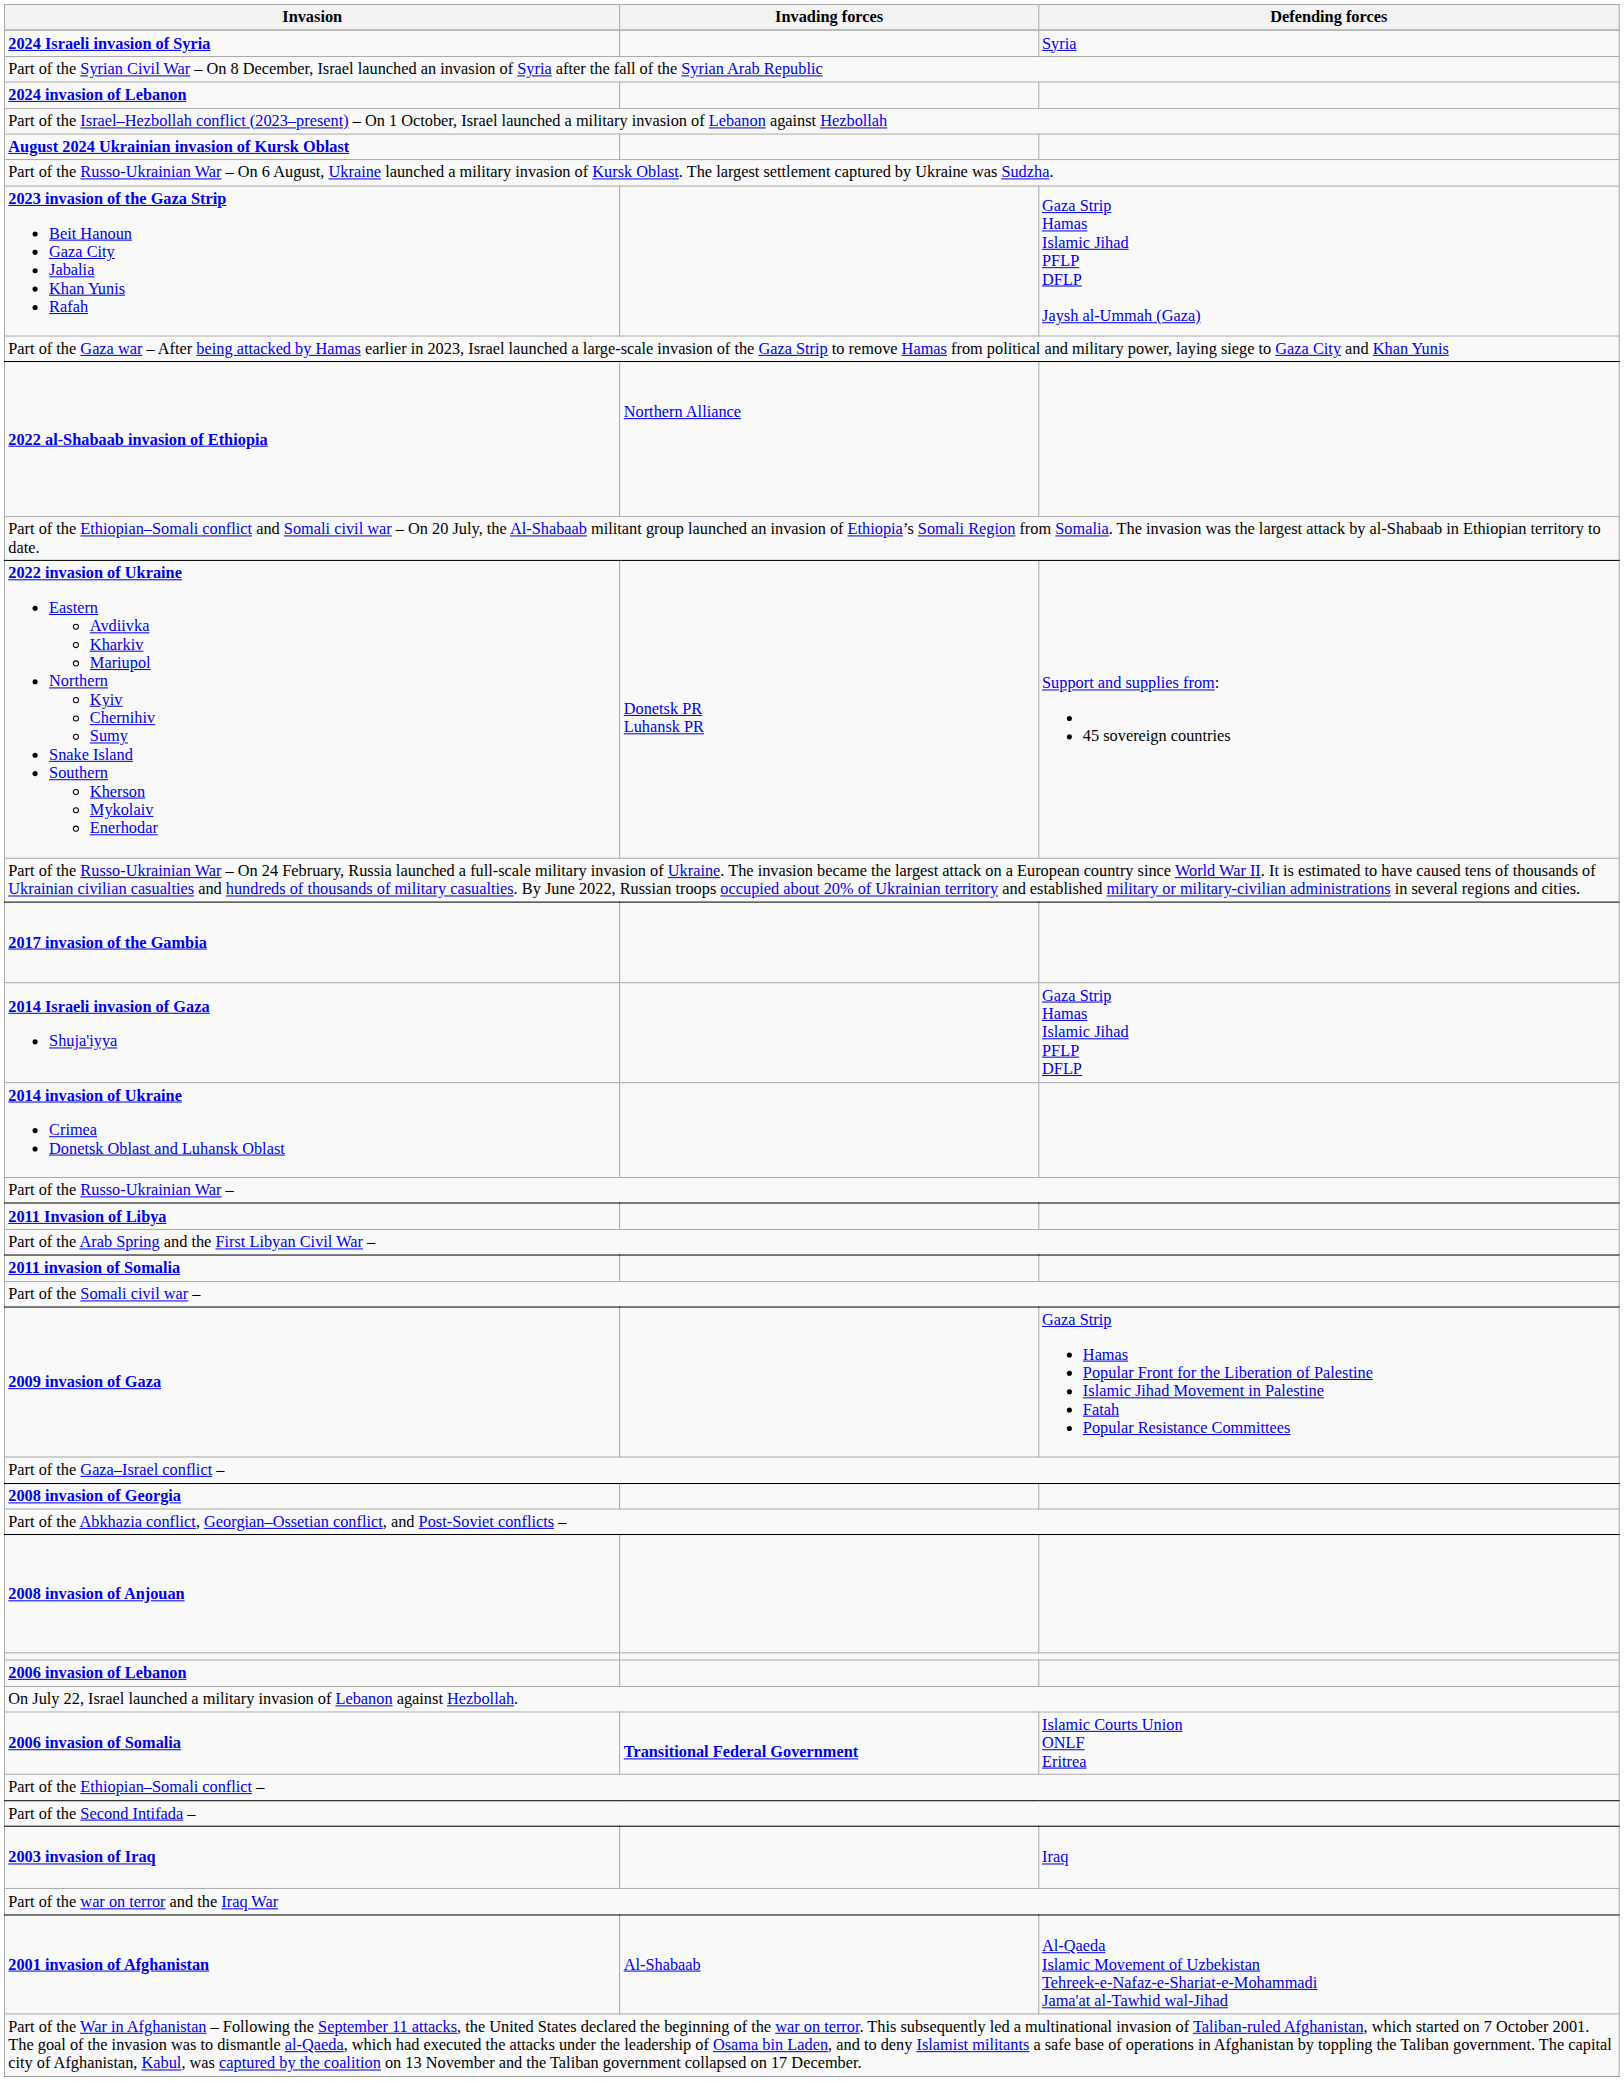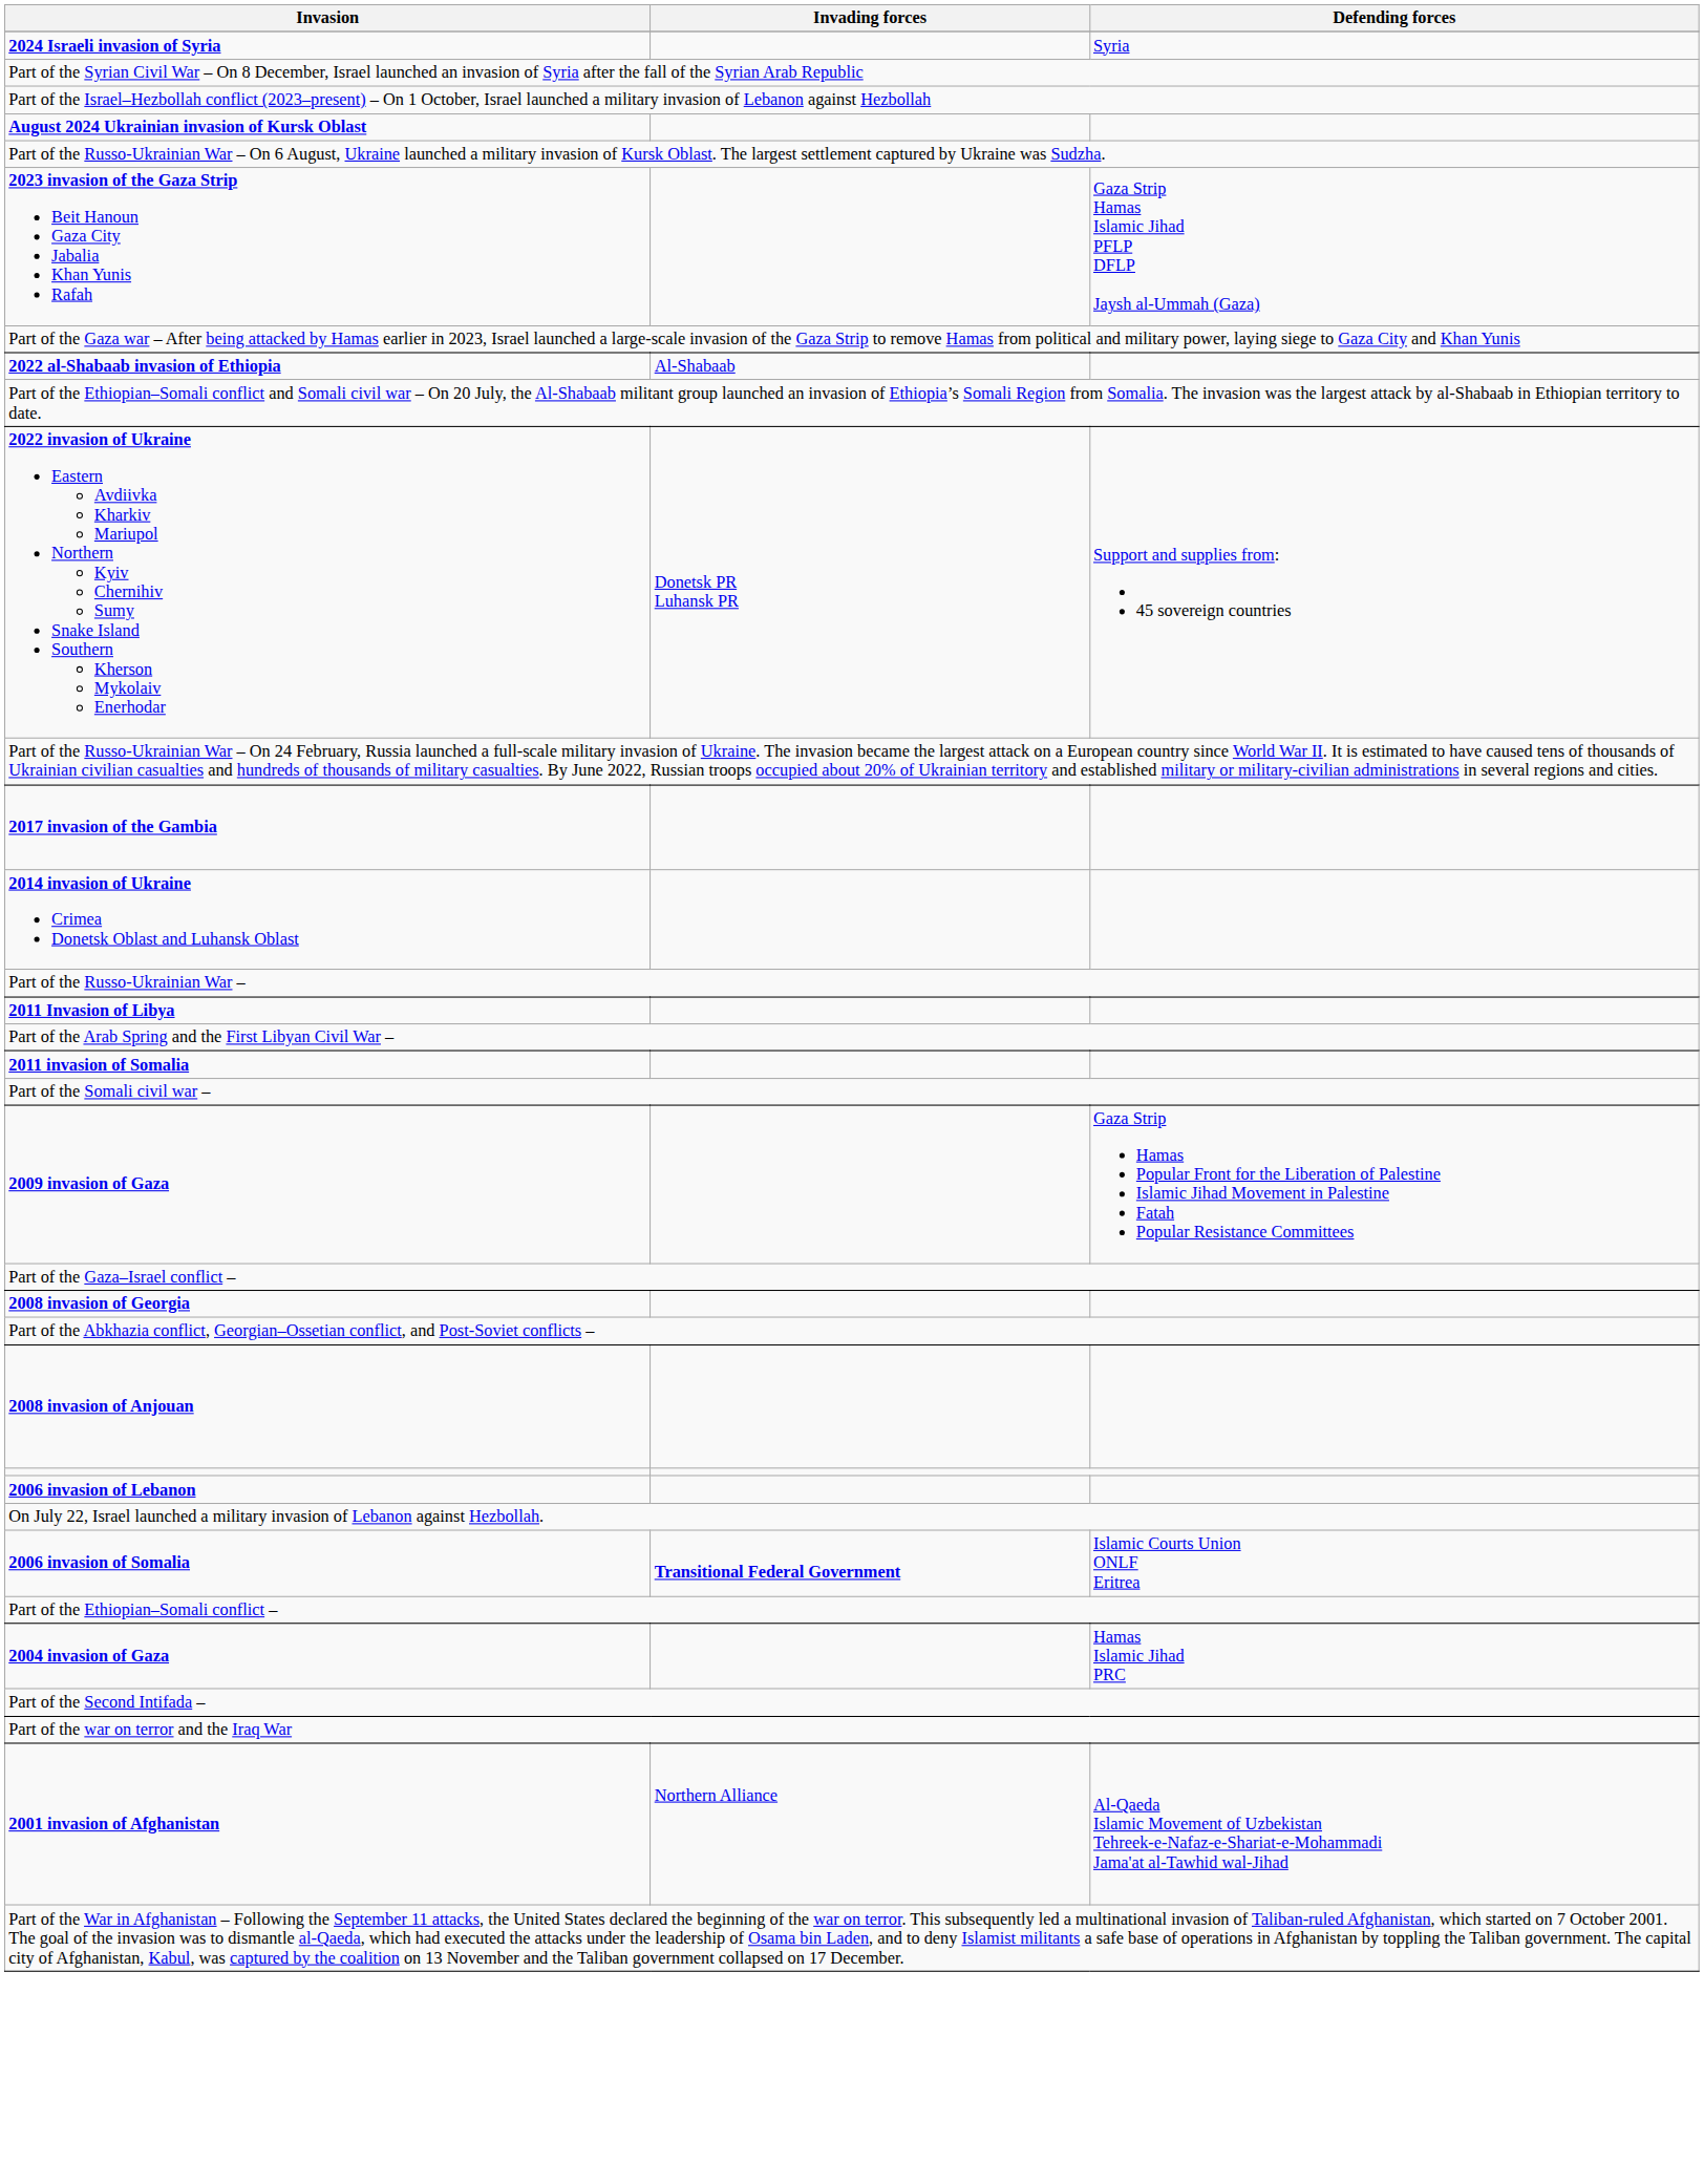 <table class="wikitable" width=100%>
 <tr>
 <th>Invasion</th>
 <th>Invading forces</th>
 <th>Defending forces</th>
 </tr>
 <tr>
 </tr>
 <tr>
 <td><strong><a href='#'>2024 Israeli invasion of Syria</a></strong></td>
 <td></td>
 <td> <a href='#'>Syria</a></td>
 </tr>
 <tr>
 <td colspan="3">Part of the <a href='#'>Syrian Civil War</a> – On 8 December, Israel launched an invasion of <a href='#'>Syria</a> after the fall of the <a href='#'>Syrian Arab Republic</a></td>
-</tr>
-<tr>
-<td><strong><a href='#'>2024 invasion of Lebanon</a></strong></td>
-<td></td>
-<td></td>
 </tr>
 <tr>
 <td colspan="3">Part of the <a href='#'>Israel–Hezbollah conflict (2023–present)</a> – On 1 October, Israel launched a military invasion of <a href='#'>Lebanon</a> against <a href='#'>Hezbollah</a></td>
 </tr>
 <tr>
 <td><strong><a href='#'>August 2024 Ukrainian invasion of Kursk Oblast</a></strong></td>
 <td></td>
 <td></td>
 </tr>
 <tr>
 <td colspan="3">Part of the <a href='#'>Russo-Ukrainian War</a> – On 6 August, <a href='#'>Ukraine</a> launched a military invasion of <a href='#'>Kursk Oblast</a>. The largest settlement captured by Ukraine was <a href='#'>Sudzha</a>.</td>
 </tr>
 <tr id="2023">
 <td><strong><a href='#'>2023 invasion of the Gaza Strip</a></strong><br><ul><li><a href='#'>Beit Hanoun</a></li><li><a href='#'>Gaza City</a></li><li><a href='#'>Jabalia</a></li><li><a href='#'>Khan Yunis</a></li><li><a href='#'>Rafah</a></li></ul></td>
 <td></td>
 <td> <a href='#'>Gaza Strip</a><br> <a href='#'>Hamas</a><br><a href='#'>Islamic Jihad</a><br><a href='#'>PFLP</a><br> <a href='#'>DFLP</a><br><br><a href='#'>Jaysh al-Ummah (Gaza)</a></td>
 </tr>
 <tr class="expand-child">
 <td colspan="3" style=" border-bottom: 1px solid black;">Part of the <a href='#'>Gaza war</a> – After <a href='#'>being attacked by Hamas</a> earlier in 2023, Israel launched a large-scale invasion of the <a href='#'>Gaza Strip</a> to remove <a href='#'>Hamas</a> from political and military power, laying siege to <a href='#'>Gaza City</a> and <a href='#'>Khan Yunis</a></td>
 </tr>
 <tr>
 <td><strong><a href='#'>2022 al-Shabaab invasion of Ethiopia</a></strong></td>
-<td><br><br> <a href='#'>Northern Alliance</a><br><br><br><br><br><br></td>
+<td> <a href='#'>Al-Shabaab</a></td>
 <td></td>
 </tr>
 <tr class="expand-child">
 <td colspan="3" style=" border-bottom: 1px solid black;">Part of the <a href='#'>Ethiopian–Somali conflict</a> and <a href='#'>Somali civil war</a> – On 20 July, the <a href='#'>Al-Shabaab</a> militant group launched an invasion of <a href='#'>Ethiopia</a>’s <a href='#'>Somali Region</a> from <a href='#'>Somalia</a>. The invasion was the largest attack by al-Shabaab in Ethiopian territory to date.</td>
 </tr>
 <tr>
 <td><strong><a href='#'>2022 invasion of Ukraine</a></strong><br><ul><li><a href='#'>Eastern</a><ul><li><a href='#'>Avdiivka</a></li><li><a href='#'>Kharkiv</a></li><li><a href='#'>Mariupol</a></li></ul></li><li><a href='#'>Northern</a><ul><li><a href='#'>Kyiv</a></li><li><a href='#'>Chernihiv</a></li><li><a href='#'>Sumy</a></li></ul></li><li><a href='#'>Snake Island</a></li><li><a href='#'>Southern</a><ul><li><a href='#'>Kherson</a></li><li><a href='#'>Mykolaiv</a></li><li><a href='#'>Enerhodar</a></li></ul></li></ul></td>
 <td><br> <a href='#'>Donetsk PR</a><br> <a href='#'>Luhansk PR</a></td>
 <td><br><a href='#'>Support and supplies from</a>:<br><ul><li></li><li>45 sovereign countries</li></ul></td>
 </tr>
 <tr class="expand-child">
 <td colspan="3" style=" border-bottom: 1px solid black;">Part of the <a href='#'>Russo-Ukrainian War</a> – On 24 February, Russia launched a full-scale military invasion of <a href='#'>Ukraine</a>. The invasion became the largest attack on a European country since <a href='#'>World War II</a>. It is estimated to have caused tens of thousands of <a href='#'>Ukrainian civilian casualties</a> and <a href='#'>hundreds of thousands of military casualties</a>. By June 2022, Russian troops <a href='#'>occupied about 20% of Ukrainian territory</a> and established <a href='#'>military or military-civilian administrations</a> in several regions and cities.</td>
 </tr>
 <tr id="2017">
 <td><strong><a href='#'>2017 invasion of the Gambia</a></strong></td>
 <td><br><br><br><br></td>
 <td></td>
-</tr>
-<tr>
-<td><strong><a href='#'>2014 Israeli invasion of Gaza</a></strong><br><ul><li><a href='#'>Shuja'iyya</a></li></ul></td>
-<td></td>
-<td> <a href='#'>Gaza Strip</a><br> <a href='#'>Hamas</a><br><a href='#'>Islamic Jihad</a><br><a href='#'>PFLP</a><br> <a href='#'>DFLP</a></td>
 </tr>
 <tr id="2014">
 <td><strong><a href='#'>2014 invasion of Ukraine</a></strong><br><ul><li><a href='#'>Crimea</a></li><li><a href='#'>Donetsk Oblast and Luhansk Oblast</a></li></ul></td>
 <td></td>
 <td></td>
 </tr>
 <tr class="expand-child">
 <td colspan="3" style=" border-bottom: 1px solid black;">Part of the <a href='#'>Russo-Ukrainian War</a> –</td>
 </tr>
 <tr id="2011">
 <td><strong><a href='#'>2011 Invasion of Libya</a></strong></td>
 <td></td>
 <td></td>
 </tr>
 <tr class="expand-child">
 <td colspan="3" style=" border-bottom: 1px solid black;">Part of the <a href='#'>Arab Spring</a> and the <a href='#'>First Libyan Civil War</a> –</td>
 </tr>
 <tr id="2011">
 <td><strong><a href='#'>2011 invasion of Somalia</a></strong></td>
 <td></td>
 <td></td>
 </tr>
 <tr class="expand-child">
 <td colspan="3" style=" border-bottom: 1px solid black;">Part of the <a href='#'>Somali civil war</a> –</td>
 </tr>
 <tr id="2008">
 <td><strong><a href='#'>2009 invasion of Gaza</a></strong></td>
 <td></td>
 <td> <a href='#'>Gaza Strip</a><br><ul><li> <a href='#'>Hamas</a></li><li><a href='#'>Popular Front for the Liberation of Palestine</a></li><li><a href='#'>Islamic Jihad Movement in Palestine</a></li><li> <a href='#'>Fatah</a></li><li><a href='#'>Popular Resistance Committees</a></li></ul></td>
 </tr>
 <tr class="expand-child">
 <td colspan="3" style=" border-bottom: 1px solid black;">Part of the <a href='#'>Gaza–Israel conflict</a> –</td>
 </tr>
 <tr>
 <td><strong><a href='#'>2008 invasion of Georgia</a></strong></td>
 <td></td>
 <td></td>
 </tr>
 <tr class="expand-child">
 <td colspan="3" style=" border-bottom: 1px solid black;">Part of the <a href='#'>Abkhazia conflict</a>, <a href='#'>Georgian–Ossetian conflict</a>, and <a href='#'>Post-Soviet conflicts</a> –</td>
 </tr>
 <tr>
 <td><strong><a href='#'>2008 invasion of Anjouan</a></strong></td>
 <td><br><br><br><br><br><br></td>
 <td></td>
 </tr>
 <tr class="expand-child">
 <td></td>
 </tr>
 <tr>
 <td><strong><a href='#'>2006 invasion of Lebanon</a></strong></td>
 <td></td>
 <td></td>
 </tr>
 <tr>
 <td colspan="3">On July 22, Israel launched a military invasion of <a href='#'>Lebanon</a> against <a href='#'>Hezbollah</a>.</td>
 </tr>
 <tr>
 <td><strong><a href='#'>2006 invasion of Somalia</a></strong></td>
 <td><strong><br> <a href='#'>Transitional Federal Government</a><br></strong></td>
 <td> <a href='#'>Islamic Courts Union</a> <br> <a href='#'>ONLF</a><br> <a href='#'>Eritrea</a></td>
 </tr>
 <tr class="expand-child">
 <td colspan="3" style=" border-bottom: 1px solid black;">Part of the <a href='#'>Ethiopian–Somali conflict</a> –</td>
 </tr>
+<tr id="2004">
+<td><strong><a href='#'>2004 invasion of Gaza</a></strong></td>
+<td></td>
+<td> <a href='#'>Hamas</a><br>  <a href='#'>Islamic Jihad</a><br><a href='#'>PRC</a></td>
+</tr>
 <tr class="expand-child">
 <td colspan="3" style=" border-bottom: 1px solid black;">Part of the <a href='#'>Second Intifada</a> –</td>
-</tr>
-<tr id="2003">
-<td><strong><a href='#'>2003 invasion of Iraq</a></strong></td>
-<td><br><br><br></td>
-<td> <a href='#'>Iraq</a></td>
 </tr>
 <tr class="expand-child">
 <td colspan="3" style=" border-bottom: 1px solid black;">Part of the <a href='#'>war on terror</a> and the <a href='#'>Iraq War</a></td>
 </tr>
 <tr id="2001">
 <td><strong><a href='#'>2001 invasion of Afghanistan</a></strong></td>
-<td> <a href='#'>Al-Shabaab</a></td>
+<td><br><br> <a href='#'>Northern Alliance</a><br><br><br><br><br><br></td>
 <td><br> <a href='#'>Al-Qaeda</a><br> <a href='#'>Islamic Movement of Uzbekistan</a><br> <a href='#'>Tehreek-e-Nafaz-e-Shariat-e-Mohammadi</a><br> <a href='#'>Jama'at al-Tawhid wal-Jihad</a></td>
 </tr>
 <tr class="expand-child">
 <td colspan="3" style=" border-bottom: 1px solid black;">Part of the <a href='#'>War in Afghanistan</a> – Following the <a href='#'>September 11 attacks</a>, the United States declared the beginning of the <a href='#'>war on terror</a>. This subsequently led a multinational invasion of <a href='#'>Taliban-ruled Afghanistan</a>, which started on 7 October 2001. The goal of the invasion was to dismantle <a href='#'>al-Qaeda</a>, which had executed the attacks under the leadership of <a href='#'>Osama bin Laden</a>, and to deny <a href='#'>Islamist militants</a> a safe base of operations in Afghanistan by toppling the Taliban government. The capital city of Afghanistan, <a href='#'>Kabul</a>, was <a href='#'>captured by the coalition</a> on 13 November and the Taliban government collapsed on 17 December.</td>
 </tr>
 </table>
